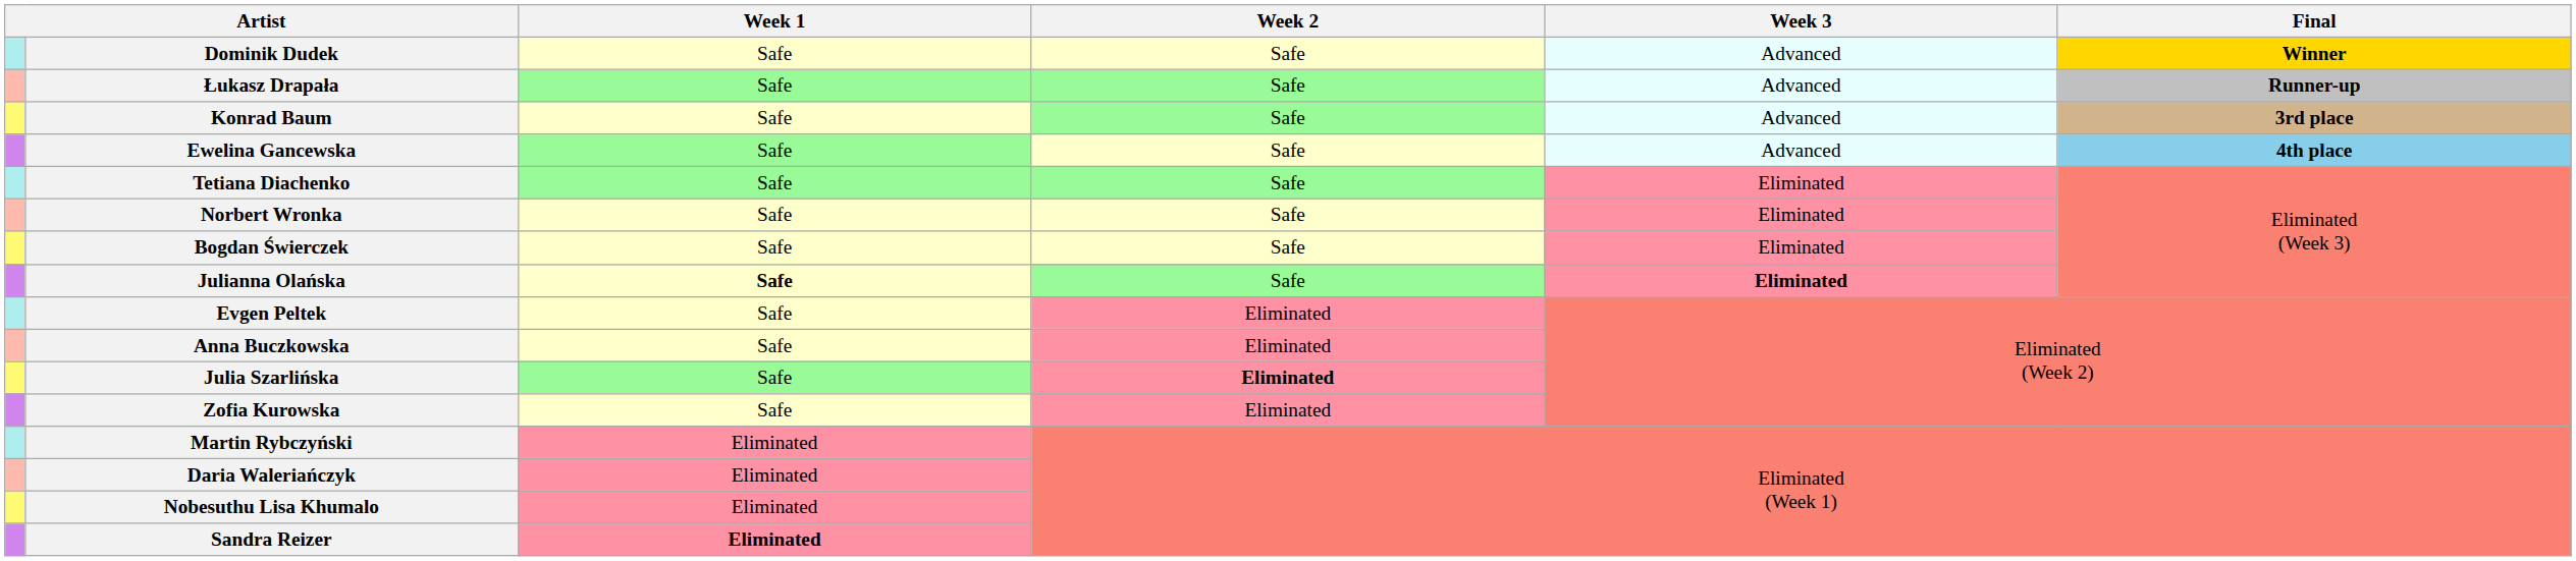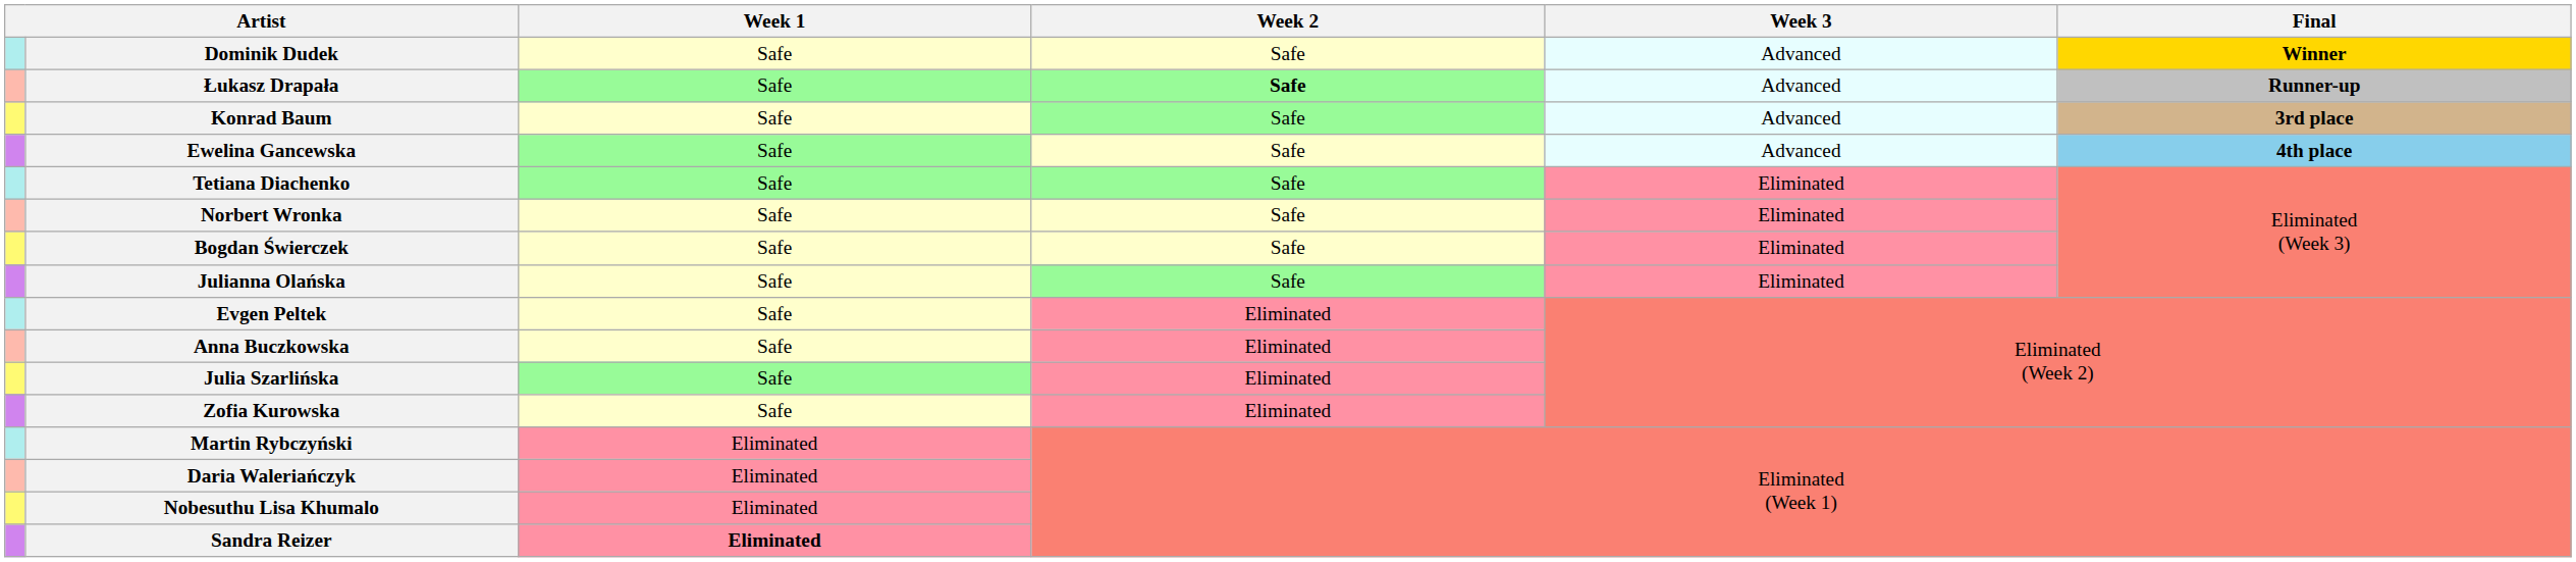 <table class="wikitable" style="font-size:95%; text-align:center; width:100%">
 <tr>
 <th style="width:15%" colspan="2">Artist</th>
 <th style="width:15%">Week 1</th>
 <th style="width:15%">Week 2</th>
 <th style="width:15%">Week 3</th>
 <th style="width:15%">Final</th>
 </tr>
 <tr>
 <th style="background:#afeeee"></th>
 <th>Dominik Dudek</th>
 <td style="background:#ffffcc">Safe</td>
 <td style="background:#ffffcc">Safe</td>
 <td style="background:#E7FEFF">Advanced</td>
 <th style="background: gold">Winner</th>
 </tr>
 <tr>
 <th style="background:#febaad"></th>
 <th>Łukasz Drapała</th>
 <td style="background: palegreen">Safe</td>
-<td style="background: palegreen">Safe</td>
+<td style="background: palegreen"><strong>Safe</strong></td>
 <td style="background:#E7FEFF">Advanced</td>
 <th style="background: silver">Runner-up</th>
 </tr>
 <tr>
 <th style="background:#fffa73"></th>
 <th>Konrad Baum</th>
 <td style="background:#ffffcc">Safe</td>
 <td style="background: palegreen">Safe</td>
 <td style="background:#E7FEFF">Advanced</td>
 <th style="background: tan">3rd place</th>
 </tr>
 <tr>
 <th style="background:#d084ee"></th>
 <th>Ewelina Gancewska</th>
 <td style="background: palegreen">Safe</td>
 <td style="background:#ffffcc">Safe</td>
 <td style="background:#E7FEFF">Advanced</td>
 <th style="background: skyblue">4th place</th>
 </tr>
 <tr>
 <th style="background:#afeeee"></th>
 <th>Tetiana Diachenko</th>
 <td style="background: palegreen">Safe</td>
 <td style="background: palegreen">Safe</td>
 <td style="background:#FF91A4">Eliminated</td>
 <td rowspan="4" style="background:salmon">Eliminated<br>(Week 3)</td>
 </tr>
 <tr>
 <th style="background:#febaad"></th>
 <th>Norbert Wronka</th>
 <td style="background:#ffffcc">Safe</td>
 <td style="background:#ffffcc">Safe</td>
 <td style="background:#FF91A4">Eliminated</td>
 </tr>
 <tr>
 <th style="background:#fffa73"></th>
 <th>Bogdan Świerczek</th>
 <td style="background:#ffffcc">Safe</td>
 <td style="background:#ffffcc">Safe</td>
 <td style="background:#FF91A4">Eliminated</td>
 </tr>
 <tr>
 <th style="background:#d084ee"></th>
 <th>Julianna Olańska</th>
-<td style="background:#ffffcc"><strong>Safe</strong></td>
+<td style="background:#ffffcc">Safe</td>
 <td style="background: palegreen">Safe</td>
-<td style="background:#FF91A4"><strong>Eliminated</strong></td>
+<td style="background:#FF91A4">Eliminated</td>
 </tr>
 <tr>
 <th style="background:#afeeee"></th>
 <th>Evgen Peltek</th>
 <td style="background:#ffffcc">Safe</td>
 <td style="background:#FF91A4">Eliminated</td>
 <td colspan="4" rowspan="4" style="background:salmon">Eliminated<br>(Week 2)</td>
 </tr>
 <tr>
 <th style="background:#febaad"></th>
 <th>Anna Buczkowska</th>
 <td style="background:#ffffcc">Safe</td>
 <td style="background:#FF91A4">Eliminated</td>
 </tr>
 <tr>
 <th style="background:#fffa73"></th>
 <th>Julia Szarlińska</th>
 <td style="background: palegreen">Safe</td>
-<td style="background:#FF91A4"><strong>Eliminated</strong></td>
+<td style="background:#FF91A4">Eliminated</td>
 </tr>
 <tr>
 <th style="background:#d084ee"></th>
 <th>Zofia Kurowska</th>
 <td style="background:#ffffcc">Safe</td>
 <td style="background:#FF91A4">Eliminated</td>
 </tr>
 <tr>
 <th style="background:#afeeee"></th>
 <th>Martin Rybczyński</th>
 <td style="background:#FF91A4">Eliminated</td>
 <td colspan="4" rowspan="8" style="background:salmon">Eliminated<br>(Week 1)</td>
 </tr>
 <tr>
 <th style="background:#febaad"></th>
 <th>Daria Waleriańczyk</th>
 <td style="background:#FF91A4">Eliminated</td>
 </tr>
 <tr>
 <th style="background:#fffa73"></th>
 <th>Nobesuthu Lisa Khumalo</th>
 <td style="background:#FF91A4">Eliminated</td>
 </tr>
 <tr>
 <th style="background:#d084ee"></th>
 <th>Sandra Reizer</th>
 <td style="background:#FF91A4"><strong>Eliminated</strong></td>
 </tr>
 </table>
